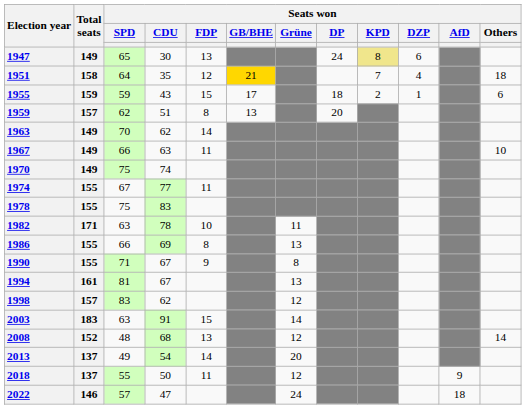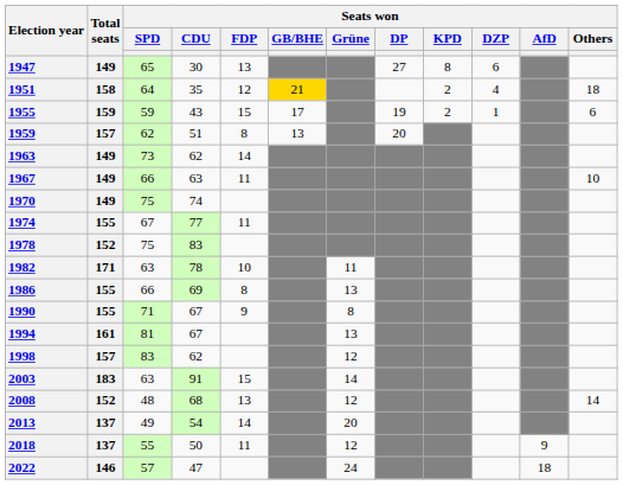 <table class="wikitable" style="text-align:center; font-size: 0.9em;">
 <tr>
 <th rowspan="3">Election year</th>
 <th rowspan="3">Total<br>seats</th>
 <th colspan="10">Seats won</th>
 </tr>
 <tr>
 <th class="unsortable" style="width:45px;"><a href='#'>SPD</a></th>
 <th class="unsortable" style="width:45px;"><a href='#'>CDU</a></th>
 <th class="unsortable" style="width:45px;"><a href='#'>FDP</a></th>
 <th class="unsortable" style="width:45px;"><a href='#'>GB/BHE</a></th>
 <th class="unsortable" style="width:45px;"><a href='#'>Grüne</a></th>
 <th class="unsortable" style="width:45px;"><a href='#'>DP</a></th>
 <th class="unsortable" style="width:45px;"><a href='#'>KPD</a></th>
 <th class="unsortable" style="width:45px;"><a href='#'>DZP</a></th>
 <th class="unsortable" style="width:45px;"><a href='#'>AfD</a></th>
 <th class="unsortable" style="width:45px;">Others</th>
 </tr>
 <tr>
 <th style="background:"></th>
 <th style="background:"></th>
 <th style="background:"></th>
 <th style="background:"></th>
 <th style="background:"></th>
 <th style="background:"></th>
 <th style="background:"></th>
 <th style="background:"></th>
 <th style="background:"></th>
 <th style="background:"></th>
 </tr>
 <tr>
 <th style="text-align: left;"><a href='#'>1947</a></th>
 <th>149</th>
 <td style="background:#d1ffbd;">65</td>
 <td>30</td>
 <td>13</td>
 <td style="background:#828282;"></td>
 <td style="background:#828282;"></td>
-<td>24</td>
-<td style="background: khaki;">8</td>
+<td>27</td>
+<td>8</td>
 <td>6</td>
 <td style="background:#828282;"></td>
 <td></td>
 </tr>
 <tr>
 <th style="text-align: left;"><a href='#'>1951</a></th>
 <th>158</th>
 <td style="background:#d1ffbd;">64</td>
 <td>35</td>
 <td>12</td>
 <td style="background: gold;">21</td>
 <td style="background:#828282;"></td>
 <td></td>
-<td>7</td>
+<td>2</td>
 <td>4</td>
 <td style="background:#828282;"></td>
 <td>18 </td>
 </tr>
 <tr>
 <th style="text-align: left;"><a href='#'>1955</a></th>
 <th>159</th>
 <td style="background:#d1ffbd;">59</td>
 <td>43</td>
 <td>15</td>
 <td>17</td>
 <td style="background:#828282;"></td>
-<td>18</td>
+<td>19</td>
 <td>2</td>
 <td>1</td>
 <td style="background:#828282;"></td>
 <td>6 </td>
 </tr>
 <tr>
 <th style="text-align: left;"><a href='#'>1959</a></th>
 <th>157</th>
 <td style="background:#d1ffbd;">62</td>
 <td>51</td>
 <td>8</td>
 <td>13</td>
 <td style="background:#828282;"></td>
 <td>20</td>
 <td style="background:#828282;"></td>
 <td></td>
 <td style="background:#828282;"></td>
 <td></td>
 </tr>
 <tr>
 <th style="text-align: left;"><a href='#'>1963</a></th>
 <th>149</th>
-<td style="background:#d1ffbd;">70</td>
+<td style="background:#d1ffbd;">73</td>
 <td>62</td>
 <td>14</td>
 <td style="background:#828282;"></td>
 <td style="background:#828282;"></td>
 <td style="background:#828282;"></td>
 <td style="background:#828282;"></td>
 <td></td>
 <td style="background:#828282;"></td>
 <td></td>
 </tr>
 <tr>
 <th style="text-align: left;"><a href='#'>1967</a></th>
 <th>149</th>
 <td style="background:#d1ffbd;">66</td>
 <td>63</td>
 <td>11</td>
 <td style="background:#828282;"></td>
 <td style="background:#828282;"></td>
 <td style="background:#828282;"></td>
 <td style="background:#828282;"></td>
 <td></td>
 <td style="background:#828282;"></td>
 <td>10 </td>
 </tr>
 <tr>
 <th style="text-align: left;"><a href='#'>1970</a></th>
 <th>149</th>
 <td style="background:#d1ffbd;">75</td>
 <td>74</td>
 <td></td>
 <td style="background:#828282;"></td>
 <td style="background:#828282;"></td>
 <td style="background:#828282;"></td>
 <td style="background:#828282;"></td>
 <td></td>
 <td style="background:#828282;"></td>
 <td></td>
 </tr>
 <tr>
 <th style="text-align: left;"><a href='#'>1974</a></th>
 <th>155</th>
 <td>67</td>
 <td style="background:#d1ffbd;">77</td>
 <td>11</td>
 <td style="background:#828282;"></td>
 <td style="background:#828282;"></td>
 <td style="background:#828282;"></td>
 <td style="background:#828282;"></td>
 <td></td>
 <td style="background:#828282;"></td>
 <td></td>
 </tr>
 <tr>
 <th style="text-align: left;"><a href='#'>1978</a></th>
-<th>155</th>
+<th>152</th>
 <td>75</td>
 <td style="background:#d1ffbd;">83</td>
 <td></td>
 <td style="background:#828282;"></td>
 <td style="background:#828282;"></td>
 <td style="background:#828282;"></td>
 <td style="background:#828282;"></td>
 <td></td>
 <td style="background:#828282;"></td>
 <td></td>
 </tr>
 <tr>
 <th style="text-align: left;"><a href='#'>1982</a></th>
 <th>171</th>
 <td>63</td>
 <td style="background:#d1ffbd;">78</td>
 <td>10</td>
 <td style="background:#828282;"></td>
 <td>11</td>
 <td style="background:#828282;"></td>
 <td style="background:#828282;"></td>
 <td></td>
 <td style="background:#828282;"></td>
 <td></td>
 </tr>
 <tr>
 <th style="text-align: left;"><a href='#'>1986</a></th>
 <th>155</th>
 <td>66</td>
 <td style="background:#d1ffbd;">69</td>
 <td>8</td>
 <td style="background:#828282;"></td>
 <td>13</td>
 <td style="background:#828282;"></td>
 <td style="background:#828282;"></td>
 <td></td>
 <td style="background:#828282;"></td>
 <td></td>
 </tr>
 <tr>
 <th style="text-align: left;"><a href='#'>1990</a></th>
 <th>155</th>
 <td style="background:#d1ffbd;">71</td>
 <td>67</td>
 <td>9</td>
 <td style="background:#828282;"></td>
 <td>8</td>
 <td style="background:#828282;"></td>
 <td style="background:#828282;"></td>
 <td></td>
 <td style="background:#828282;"></td>
 <td></td>
 </tr>
 <tr>
 <th style="text-align: left;"><a href='#'>1994</a></th>
 <th>161</th>
 <td style="background:#d1ffbd;">81</td>
 <td>67</td>
 <td></td>
 <td style="background:#828282;"></td>
 <td>13</td>
 <td style="background:#828282;"></td>
 <td style="background:#828282;"></td>
 <td></td>
 <td style="background:#828282;"></td>
 <td></td>
 </tr>
 <tr>
 <th style="text-align: left;"><a href='#'>1998</a></th>
 <th>157</th>
 <td style="background:#d1ffbd;">83</td>
 <td>62</td>
 <td></td>
 <td style="background:#828282;"></td>
 <td>12</td>
 <td style="background:#828282;"></td>
 <td style="background:#828282;"></td>
 <td></td>
 <td style="background:#828282;"></td>
 <td></td>
 </tr>
 <tr>
 <th style="text-align: left;"><a href='#'>2003</a></th>
 <th>183</th>
 <td>63</td>
 <td style="background:#d1ffbd;">91</td>
 <td>15</td>
 <td style="background:#828282;"></td>
 <td>14</td>
 <td style="background:#828282;"></td>
 <td style="background:#828282;"></td>
 <td></td>
 <td style="background:#828282;"></td>
 <td></td>
 </tr>
 <tr>
 <th style="text-align: left;"><a href='#'>2008</a></th>
 <th>152</th>
 <td>48</td>
 <td style="background:#d1ffbd;">68</td>
 <td>13</td>
 <td style="background:#828282;"></td>
 <td>12</td>
 <td style="background:#828282;"></td>
 <td style="background:#828282;"></td>
 <td></td>
 <td style="background:#828282;"></td>
 <td>14 </td>
 </tr>
 <tr>
 <th style="text-align: left;"><a href='#'>2013</a></th>
 <th>137</th>
 <td>49</td>
 <td style="background:#d1ffbd;">54</td>
 <td>14</td>
 <td style="background:#828282;"></td>
 <td>20</td>
 <td style="background:#828282;"></td>
 <td style="background:#828282;"></td>
 <td></td>
 <td style="background:#828282;"></td>
 <td></td>
 </tr>
 <tr>
 <th style="text-align: left;"><a href='#'>2018</a></th>
 <th>137</th>
 <td style="background:#d1ffbd;">55</td>
 <td>50</td>
 <td>11</td>
 <td style="background:#828282;"></td>
 <td>12</td>
 <td style="background:#828282;"></td>
 <td style="background:#828282;"></td>
 <td></td>
 <td>9</td>
 <td></td>
 </tr>
 <tr>
 <th style="text-align: left;"><a href='#'>2022</a></th>
 <th>146</th>
 <td style="background:#d1ffbd;">57</td>
 <td>47</td>
 <td></td>
 <td style="background:#828282;"></td>
 <td>24</td>
 <td style="background:#828282;"></td>
 <td style="background:#828282;"></td>
 <td></td>
 <td>18</td>
 <td></td>
 </tr>
 </table>
